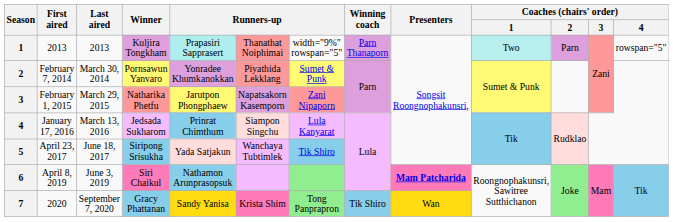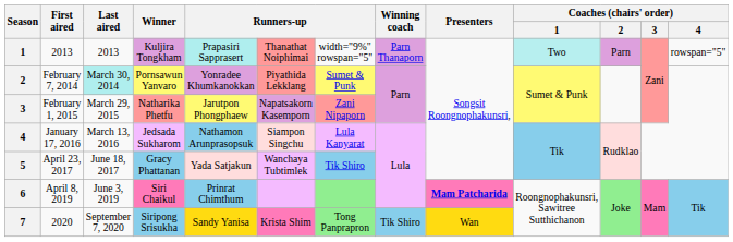 <table class="wikitable" style="text-align:center; font-size:90%; line-height:16px; width:100%">
 <tr>
 <th rowspan="2" scope="col" width="1%">Season</th>
 <th rowspan="2" scope="col" width="6%">First aired</th>
 <th rowspan="2" scope="col" width="6%">Last aired</th>
 <th rowspan="2" scope="col" width="8%">Winner</th>
 <th rowspan="2" colspan="3" width="20%">Runners-up</th>
 <th rowspan="2" scope="col" width="6%">Winning coach</th>
 <th rowspan="2" scope="col" width="6%">Presenters</th>
 <th colspan="4" scope="col" width="0%">Coaches (chairs' order)</th>
 </tr>
 <tr>
 <th width="5%">1</th>
 <th width="5%">2</th>
 <th width="5%">3</th>
 <th width="5%">4</th>
 </tr>
 <tr>
 <th scope="row">1</th>
 <td> 2013</td>
 <td> 2013</td>
 <td style="background:#dda0dd">Kuljira Tongkham</td>
 <td style="background:#afeeee; width:9%">Prapasiri Sapprasert</td>
 <td style="background:#ff9999; width:9%">Thanathat Noiphimai</td>
 <td>width="9%" rowspan="5" </td>
 <td style="background:#dda0dd"><a href='#'>Parn Thanaporn</a></td>
 <td rowspan="5"><a href='#'>Songsit Roongnophakunsri</a>,<br></td>
 <td rowspan="1" style="background:#b7efef">Two</td>
 <td rowspan="1" style="background:#dda0dd">Parn</td>
 <td rowspan="3" style="background:#ff9999">Zani</td>
 <td>rowspan="5" </td>
 </tr>
 <tr>
 <th scope="row">2</th>
 <td>February 7, 2014</td>
-<td>March 30, 2014</td>
+<td style="background: paleturquoise;">March 30, 2014</td>
 <td style="background:#fffa73">Pornsawun Yanvaro</td>
 <td style="background:#dda0dd">Yonradee Khumkanokkan</td>
 <td style="background:#ff9999">Piyathida Lekklang</td>
 <td style="background:#fffa73"><a href='#'>Sumet & Punk</a></td>
 <td rowspan="2" style="background:#dda0dd">Parn</td>
 <td style="background:#fffa73" rowspan="2">Sumet & Punk</td>
 </tr>
 <tr>
 <th scope="row">3</th>
 <td>February 1, 2015</td>
 <td>March 29, 2015</td>
 <td style="background:#ff9999">Natharika Phetfu</td>
 <td style="background:#fffa73">Jarutpon Phongphaew</td>
 <td style="background:#dda0dd">Napatsakorn Kasemporn</td>
 <td style="background:#ff9999"><a href='#'>Zani Nipaporn</a></td>
 </tr>
 <tr>
 <th scope="row">4</th>
 <td>January 17, 2016</td>
 <td>March 13, 2016</td>
 <td style="background:#f4bbff">Jedsada Sukharom</td>
-<td style="background:#87ceeb">Prinrat Chimthum</td>
+<td style="background:#87ceeb">Nathamon Arunprasopsuk</td>
 <td style="background:#ffdddd">Siampon Singchu</td>
 <td style="background:#f4bbff"><a href='#'>Lula Kanyarat</a></td>
 <td style="background:#f4bbff" rowspan="3">Lula</td>
 <td style="background:#87ceeb" rowspan="2">Tik</td>
 <td style="background:#ffdddd" rowspan="2">Rudklao</td>
 </tr>
 <tr>
 <th scope="row">5</th>
 <td>April 23, 2017</td>
 <td>June 18, 2017</td>
-<td style="background:#87ceeb">Siripong Srisukha</td>
+<td style="background:#87ceeb">Gracy Phattanan</td>
 <td style="background:#ffdddd">Yada Satjakun</td>
 <td style="background:#f4bbff">Wanchaya Tubtimlek</td>
 <td style="background:#87ceeb"><a href='#'>Tik Shiro</a></td>
 </tr>
 <tr>
 <th scope="row">6</th>
 <td>April 8, 2019</td>
 <td>June 3, 2019</td>
 <td style="background:#ff7ab9">Siri Chaikul</td>
-<td style="background:#87ceeb">Nathamon Arunprasopsuk</td>
+<td style="background:#87ceeb">Prinrat Chimthum</td>
 <td style="background:#f4bbff"></td>
 <td style="background:#90ee90"></td>
 <td style="background:#ff7ab9"><strong><a href='#'>Mam Patcharida</a></strong></td>
 <td rowspan="2">Roongnophakunsri,<br>Sawitree Sutthichanon</td>
 <td rowspan="2" style="background:#90ee90">Joke</td>
 <td rowspan="2" style="background:#ff7ab9">Mam</td>
 <td rowspan="2" style="background:#87ceeb">Tik</td>
 </tr>
 <tr>
 <th scope="row">7</th>
 <td> 2020</td>
 <td>September 7, 2020</td>
-<td style="background:#87ceeb">Gracy Phattanan</td>
+<td style="background:#87ceeb">Siripong Srisukha</td>
 <td style="background:#ffdb11">Sandy Yanisa</td>
 <td style="background:#ff7ab9">Krista Shim</td>
 <td style="background:#90ee90">Tong Panprapron</td>
 <td style="background:#87ceeb">Tik Shiro</td>
 <td style="background:#ffdb11">Wan</td>
 </tr>
 </table>
